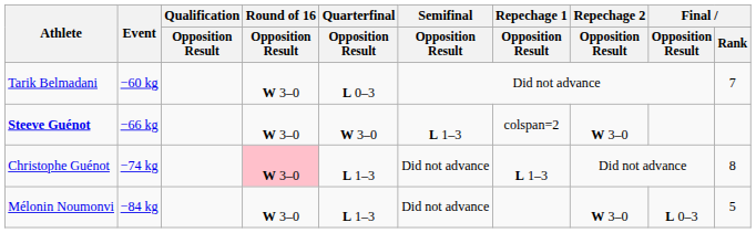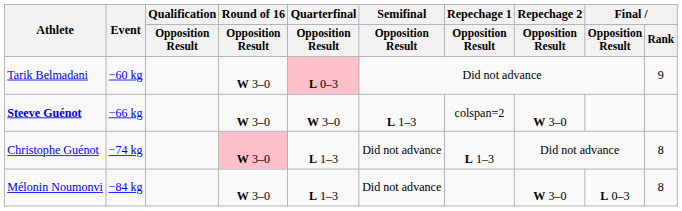 <table class="wikitable" style="font-size:90%">
 <tr>
 <th rowspan="2">Athlete</th>
 <th rowspan="2">Event</th>
 <th>Qualification</th>
 <th>Round of 16</th>
 <th>Quarterfinal</th>
 <th>Semifinal</th>
 <th>Repechage 1</th>
 <th>Repechage 2</th>
 <th colspan=2>Final / </th>
 </tr>
 <tr style="font-size: 95%">
 <th>Opposition<br>Result</th>
 <th>Opposition<br>Result</th>
 <th>Opposition<br>Result</th>
 <th>Opposition<br>Result</th>
 <th>Opposition<br>Result</th>
 <th>Opposition<br>Result</th>
 <th>Opposition<br>Result</th>
 <th>Rank</th>
 </tr>
 <tr align=center>
 <td align=left><a href='#'>Tarik Belmadani</a></td>
 <td align=left><a href='#'>−60 kg</a></td>
 <td></td>
 <td><br><strong>W</strong> 3–0 <sup></sup></td>
-<td><br><strong>L</strong> 0–3 <sup></sup></td>
+<td style="background: pink;"><br><strong>L</strong> 0–3 <sup></sup></td>
 <td colspan=4>Did not advance</td>
-<td>7</td>
+<td>9</td>
 </tr>
 <tr align=center>
 <td align=left><strong><a href='#'>Steeve Guénot</a></strong></td>
 <td align=left><a href='#'>−66 kg</a></td>
 <td></td>
 <td><br><strong>W</strong> 3–0 <sup></sup></td>
 <td><br><strong>W</strong> 3–0 <sup></sup></td>
 <td><br><strong>L</strong> 1–3 <sup></sup></td>
 <td>colspan=2 </td>
 <td><br><strong>W</strong> 3–0 <sup></sup></td>
 <td></td>
 </tr>
 <tr align=center>
 <td align=left><a href='#'>Christophe Guénot</a></td>
 <td align=left><a href='#'>−74 kg</a></td>
 <td></td>
 <td style="background: pink;"><br><strong>W</strong> 3–0 <sup></sup></td>
 <td><br><strong>L</strong> 1–3 <sup></sup></td>
 <td>Did not advance</td>
 <td><br><strong>L</strong> 1–3 <sup></sup></td>
 <td colspan=2>Did not advance</td>
 <td>8</td>
 </tr>
 <tr align=center>
 <td align=left><a href='#'>Mélonin Noumonvi</a></td>
 <td align=left><a href='#'>−84 kg</a></td>
 <td></td>
 <td><br><strong>W</strong> 3–0 <sup></sup></td>
 <td><br><strong>L</strong> 1–3 <sup></sup></td>
 <td>Did not advance</td>
 <td></td>
 <td><br><strong>W</strong> 3–0 <sup></sup></td>
 <td><br><strong>L</strong> 0–3 <sup></sup></td>
-<td>5</td>
+<td>8</td>
 </tr>
 </table>
